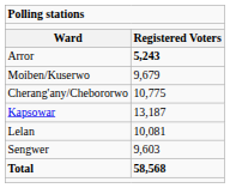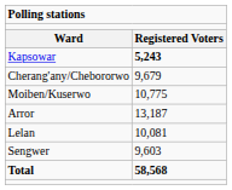 <table class="wikitable">
 <tr>
 <td colspan="2"><strong>Polling stations</strong></td>
 </tr>
 <tr>
 <td colspan="2"></td>
 </tr>
 <tr>
 <th>Ward</th>
 <th>Registered Voters</th>
 </tr>
 <tr>
-<td>Arror</td>
+<td><a href='#'>Kapsowar</a></td>
 <td><strong>5,243</strong></td>
 </tr>
 <tr>
-<td>Moiben/Kuserwo</td>
+<td>Cherang'any/Chebororwo</td>
 <td>9,679</td>
 </tr>
 <tr>
-<td>Cherang'any/Chebororwo</td>
+<td>Moiben/Kuserwo</td>
 <td>10,775</td>
 </tr>
 <tr>
-<td><a href='#'>Kapsowar</a></td>
+<td>Arror</td>
 <td>13,187</td>
 </tr>
 <tr>
 <td>Lelan</td>
 <td>10,081</td>
 </tr>
 <tr>
 <td>Sengwer</td>
 <td>9,603</td>
 </tr>
 <tr>
 <td><strong>Total</strong></td>
 <td><strong>58,568</strong></td>
 </tr>
 <tr>
 <td colspan="2"></td>
 </tr>
 </table>
